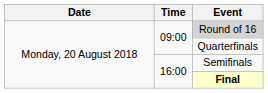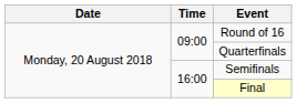 <table class = "wikitable" style="text-align:center;">
 <tr>
 <th width=220>Date</th>
 <th width=50>Time</th>
 <th width=100>Event</th>
 </tr>
 <tr>
 <td rowspan=4>Monday, 20 August 2018</td>
 <td rowspan=2>09:00</td>
-<td style="background: lightgrey;">Round of 16</td>
+<td>Round of 16</td>
 </tr>
 <tr>
 <td>Quarterfinals</td>
 </tr>
 <tr>
 <td rowspan=2>16:00</td>
 <td>Semifinals</td>
 </tr>
 <tr>
-<td bgcolor=ffffcc><strong>Final</strong></td>
+<td bgcolor=ffffcc>Final</td>
 </tr>
 </table>
